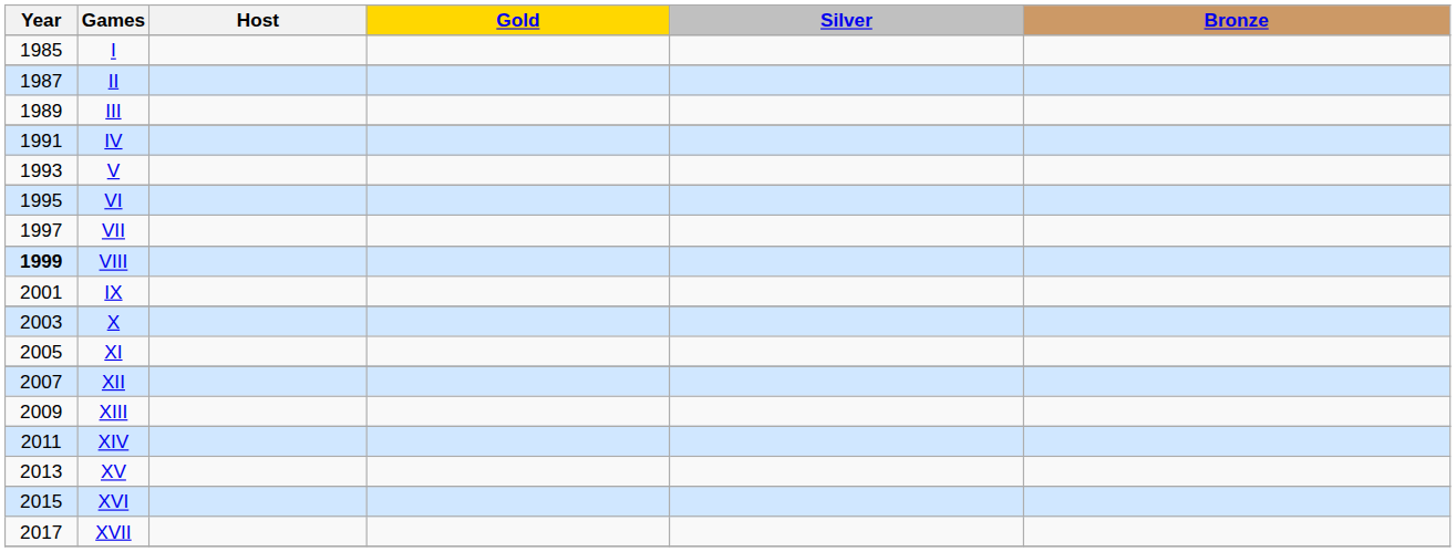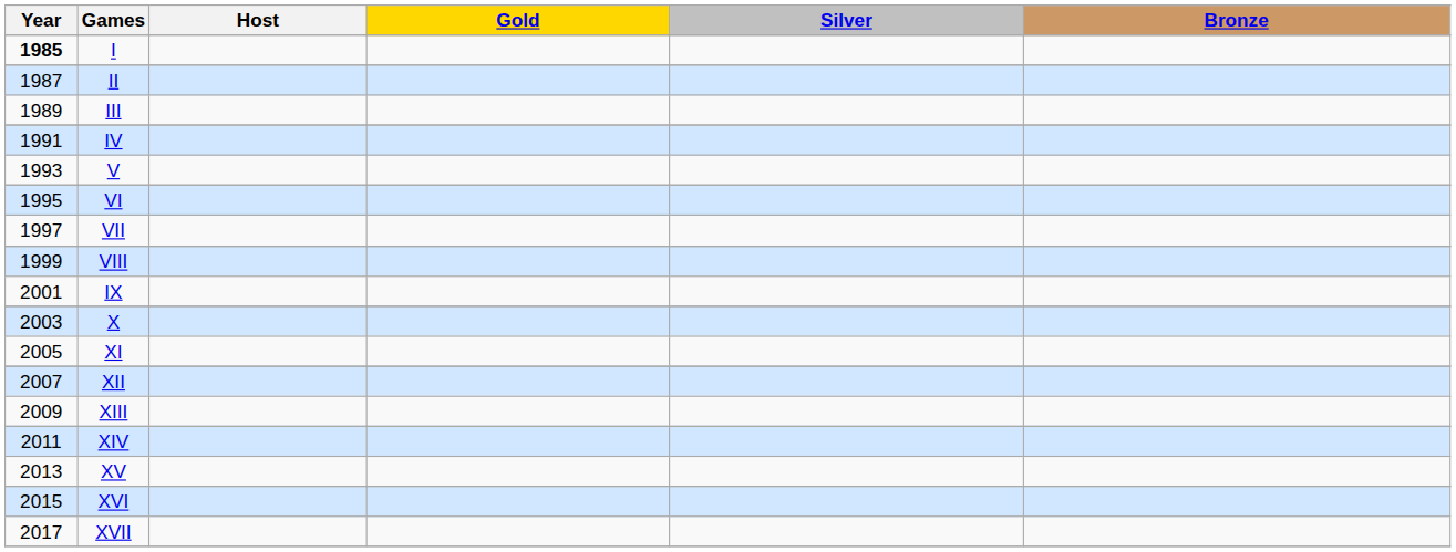 <table class="wikitable" style="text-align: center; font-size:95%;">
 <tr>
 <th rowspan="2" style="width:5%;">Year</th>
 <th rowspan="2" style="width:5%;">Games</th>
 <th rowspan="2" style="width:15%;">Host</th>
 </tr>
 <tr>
 <th style="background-color: gold"><a href='#'>Gold</a></th>
 <th style="background-color: silver"><a href='#'>Silver</a></th>
 <th style="background-color: #CC9966"><a href='#'>Bronze</a></th>
 </tr>
 <tr>
 </tr>
 <tr>
-<td>1985</td>
+<td><strong>1985</strong></td>
 <td align=center><a href='#'>I</a></td>
 <td align="left"></td>
 <td align="left"></td>
 <td align="left"></td>
 <td align="left"></td>
 </tr>
 <tr>
 </tr>
 <tr style="text-align:center; background:#d0e7ff;">
 <td>1987</td>
 <td align=center><a href='#'>II</a></td>
 <td align="left"></td>
 <td align="left"></td>
 <td align="left"></td>
 <td align="left"></td>
 </tr>
 <tr>
 <td>1989</td>
 <td align=center><a href='#'>III</a></td>
 <td align="left"></td>
 <td align="left"></td>
 <td align="left"></td>
 <td align="left"></td>
 </tr>
 <tr>
 </tr>
 <tr style="text-align:center; background:#d0e7ff;">
 <td>1991</td>
 <td align=center><a href='#'>IV</a></td>
 <td align="left"></td>
 <td align="left"></td>
 <td align="left"></td>
 <td align="left"></td>
 </tr>
 <tr>
 <td>1993</td>
 <td align=center><a href='#'>V</a></td>
 <td align="left"></td>
 <td align="left"></td>
 <td align="left"></td>
 <td align="left"></td>
 </tr>
 <tr>
 </tr>
 <tr style="text-align:center; background:#d0e7ff;">
 <td>1995</td>
 <td align=center><a href='#'>VI</a></td>
 <td align="left"></td>
 <td align="left"></td>
 <td align="left"></td>
 <td align="left"></td>
 </tr>
 <tr>
 <td>1997</td>
 <td align=center><a href='#'>VII</a></td>
 <td align="left"></td>
 <td align="left"></td>
 <td align="left"></td>
 <td align="left"></td>
 </tr>
 <tr>
 </tr>
 <tr style="text-align:center; background:#d0e7ff;">
-<td><strong>1999</strong></td>
+<td>1999</td>
 <td align=center><a href='#'>VIII</a></td>
 <td align="left"></td>
 <td align="left"></td>
 <td align="left"></td>
 <td align="left"></td>
 </tr>
 <tr>
 <td>2001</td>
 <td align=center><a href='#'>IX</a></td>
 <td align="left"></td>
 <td align="left"></td>
 <td align="left"></td>
 <td align="left"></td>
 </tr>
 <tr>
 </tr>
 <tr style="text-align:center; background:#d0e7ff;">
 <td>2003</td>
 <td align=center><a href='#'>X</a></td>
 <td align="left"></td>
 <td align="left"></td>
 <td align="left"></td>
 <td align="left"></td>
 </tr>
 <tr>
 <td>2005</td>
 <td align=center><a href='#'>XI</a></td>
 <td align="left"></td>
 <td align="left"></td>
 <td align="left"></td>
 <td align="left"></td>
 </tr>
 <tr>
 </tr>
 <tr style="text-align:center; background:#d0e7ff;">
 <td>2007</td>
 <td align=center><a href='#'>XII</a></td>
 <td align="left"></td>
 <td align="left"></td>
 <td align="left"></td>
 <td align="left"></td>
 </tr>
 <tr>
 <td>2009</td>
 <td align=center><a href='#'>XIII</a></td>
 <td align="left"></td>
 <td align="left"></td>
 <td align="left"></td>
 <td align="left"></td>
 </tr>
 <tr>
 </tr>
 <tr style="text-align:center; background:#d0e7ff;">
 <td>2011</td>
 <td align=center><a href='#'>XIV</a></td>
 <td align="left"></td>
 <td align="left"></td>
 <td align="left"></td>
 <td align="left"></td>
 </tr>
 <tr>
 <td>2013</td>
 <td align=center><a href='#'>XV</a></td>
 <td align="left"></td>
 <td align="left"></td>
 <td align="left"></td>
 <td align="left"></td>
 </tr>
 <tr>
 </tr>
 <tr style="text-align:center; background:#d0e7ff;">
 <td>2015</td>
 <td align=center><a href='#'>XVI</a></td>
 <td align="left"></td>
 <td align="left"></td>
 <td align="left"></td>
 <td align="left"></td>
 </tr>
 <tr>
 <td>2017</td>
 <td align=center><a href='#'>XVII</a></td>
 <td align="left"></td>
 <td align="left"></td>
 <td align="left"></td>
 <td align="left"></td>
 </tr>
 <tr>
 </tr>
 </table>
